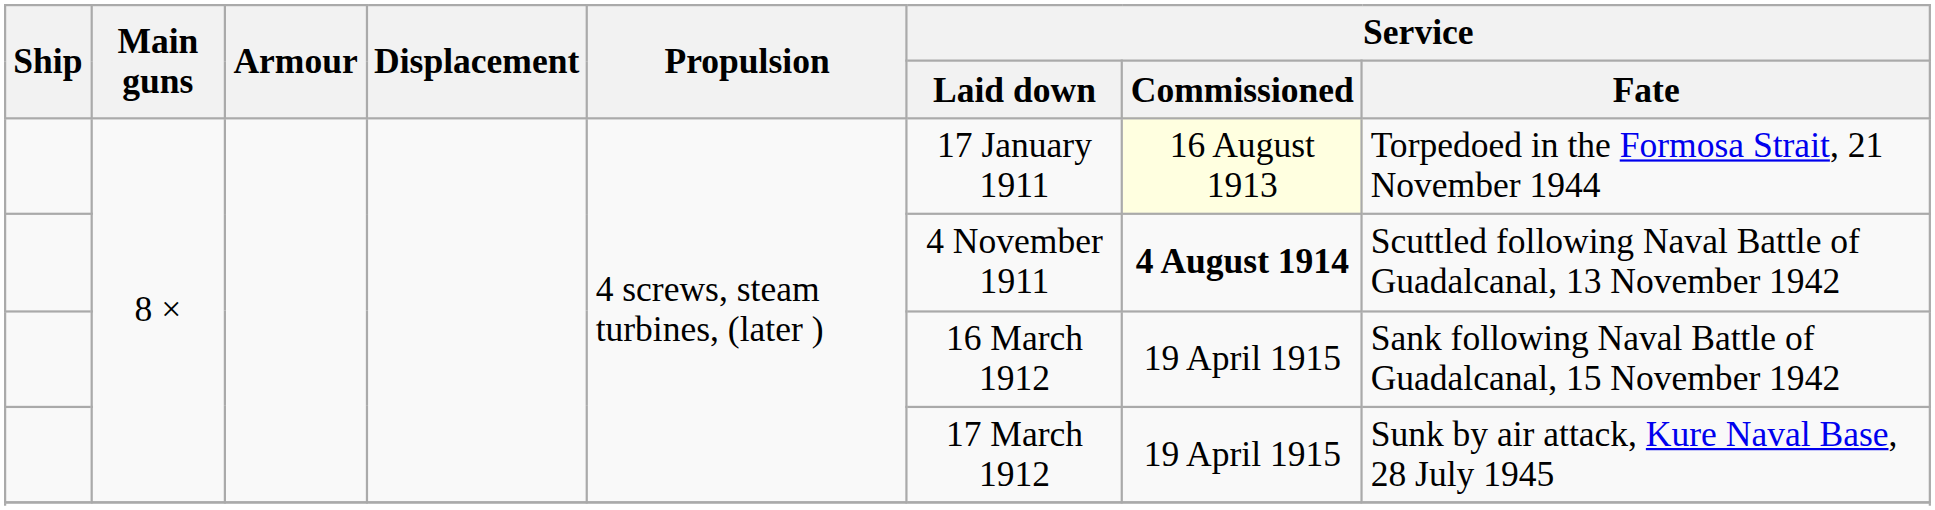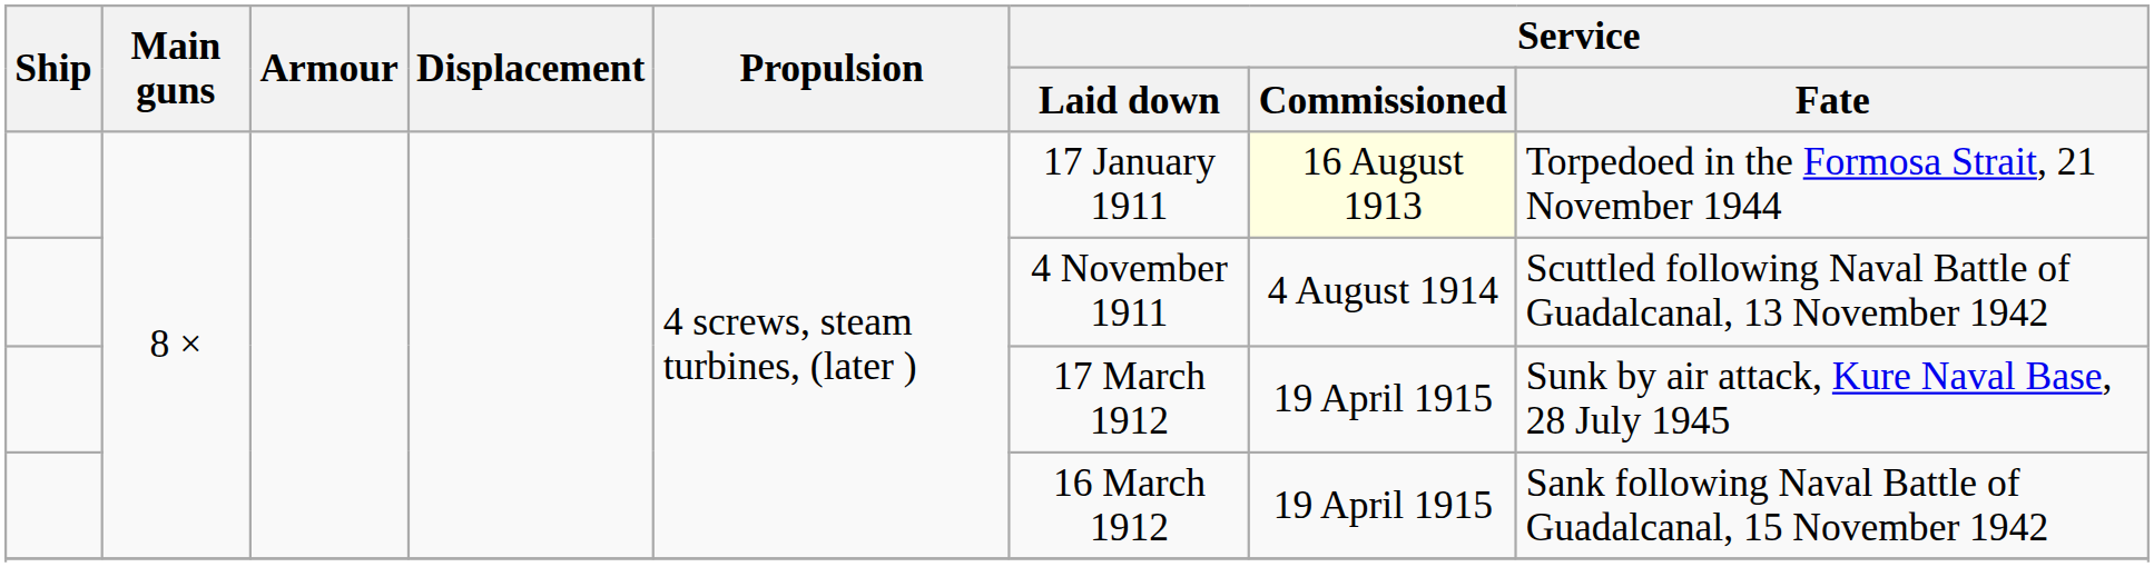 <table class="wikitable plainrowheaders">
 <tr>
 <th scope="col" align= center rowspan=2>Ship</th>
 <th scope="col" align= center rowspan=2>Main guns</th>
 <th scope="col" align= center rowspan=2>Armour</th>
 <th scope="col" align= center rowspan=2>Displacement</th>
 <th scope="col" align= center rowspan=2>Propulsion</th>
 <th scope="col" align= center colspan=3>Service</th>
 </tr>
 <tr valign="top">
 <th scope="col" align= center>Laid down</th>
 <th scope="col" align= center>Commissioned</th>
 <th scope="col" align= center>Fate</th>
 </tr>
 <tr valign="center">
 <td scope="row" align= left></td>
 <td align= center rowspan=4>8 × </td>
 <td align= center rowspan=4></td>
 <td align= center rowspan=4></td>
 <td align= left rowspan=4>4 screws, steam turbines,  (later )</td>
 <td align= center>17 January 1911</td>
 <td align= center style="background: lightyellow;">16 August 1913</td>
 <td align= left>Torpedoed in the <a href='#'>Formosa Strait</a>, 21 November 1944</td>
 </tr>
 <tr valign="center">
 <td scope="row" align= left></td>
 <td align= center>4 November 1911</td>
-<td align= center><strong>4 August 1914</strong></td>
+<td align= center>4 August 1914</td>
 <td align= left>Scuttled following Naval Battle of Guadalcanal, 13 November 1942</td>
+</tr>
+<tr valign="center">
+<td scope="row" align= left></td>
+<td align= center>17 March 1912</td>
+<td align= center>19 April 1915</td>
+<td align= left>Sunk by air attack, <a href='#'>Kure Naval Base</a>, 28 July 1945</td>
 </tr>
 <tr valign="center">
 <td scope="row" align= left></td>
 <td align= center>16 March 1912</td>
 <td align= center>19 April 1915</td>
 <td align= left>Sank following Naval Battle of Guadalcanal, 15 November 1942</td>
 </tr>
 <tr valign="center">
-<td scope="row" align= left></td>
-<td align= center>17 March 1912</td>
-<td align= center>19 April 1915</td>
-<td align= left>Sunk by air attack, <a href='#'>Kure Naval Base</a>, 28 July 1945</td>
-</tr>
-<tr valign="center">
 </tr>
 <tr>
 </tr>
 </table>
